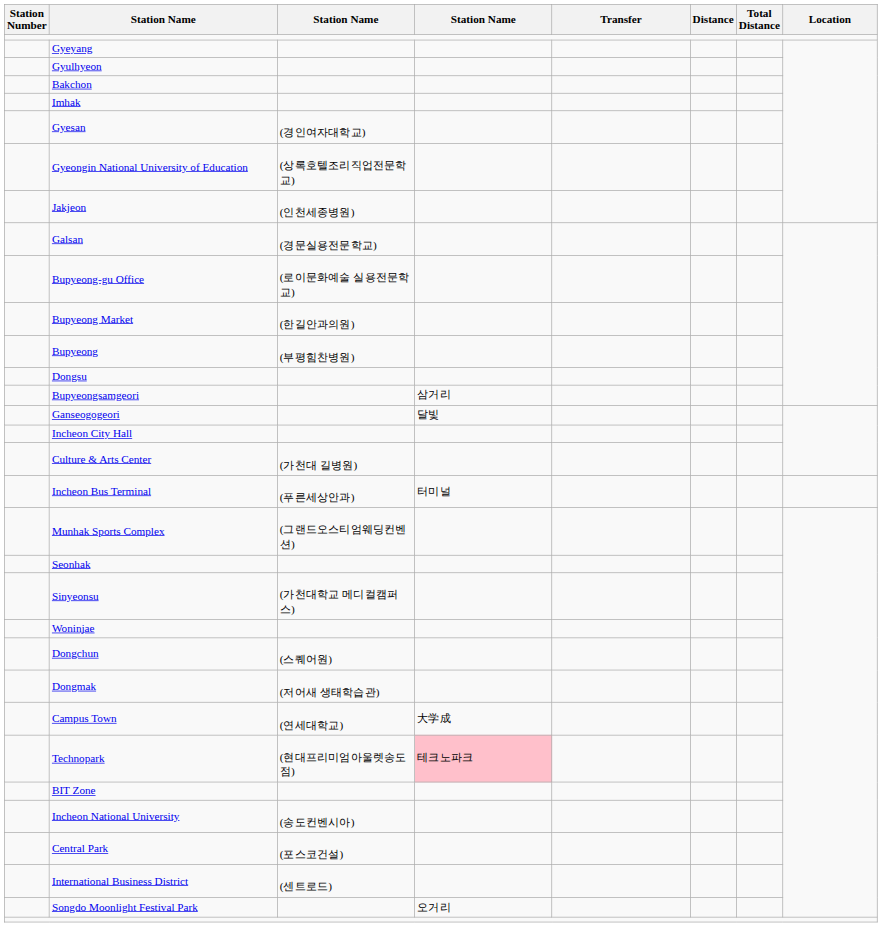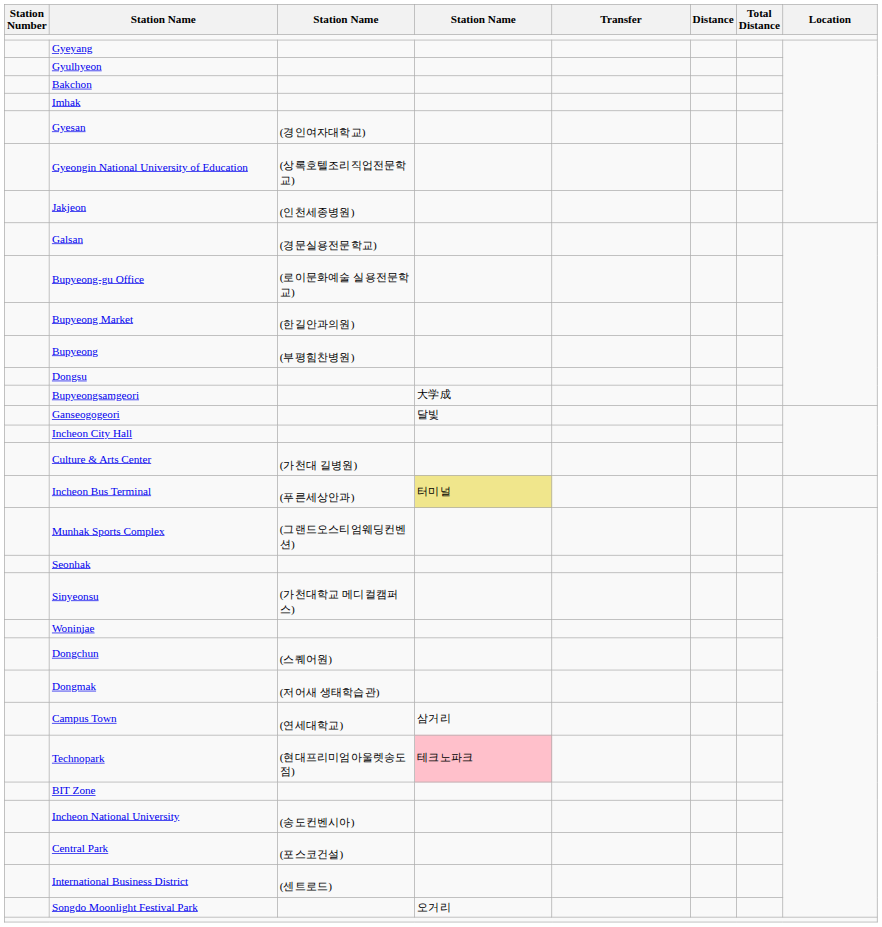 <table class="wikitable">
 <tr>
 <th>Station<br>Number</th>
 <th style="width:250pt;">Station Name<br></th>
 <th style="width:150pt;">Station Name<br></th>
 <th style="width:150pt;">Station Name<br></th>
 <th style="width:150pt;">Transfer</th>
 <th>Distance<br></th>
 <th>Total<br>Distance</th>
 <th>Location</th>
 </tr>
 <tr style="background:#">
 <td colspan="10"></td>
 </tr>
 <tr>
 <td></td>
 <td><a href='#'>Gyeyang</a></td>
 <td></td>
 <td></td>
 <td></td>
 <td></td>
 <td></td>
 <td rowspan="7" style="width:100pt;"></td>
 </tr>
 <tr>
 <td></td>
 <td><a href='#'>Gyulhyeon</a></td>
 <td></td>
 <td></td>
 <td></td>
 <td></td>
 <td></td>
 </tr>
 <tr>
 <td></td>
 <td><a href='#'>Bakchon</a></td>
 <td></td>
 <td></td>
 <td></td>
 <td></td>
 <td></td>
 </tr>
 <tr>
 <td></td>
 <td><a href='#'>Imhak</a></td>
 <td></td>
 <td></td>
 <td></td>
 <td></td>
 <td></td>
 </tr>
 <tr>
 <td></td>
 <td><a href='#'>Gyesan</a></td>
 <td><br>(경인여자대학교)</td>
 <td></td>
 <td></td>
 <td></td>
 <td></td>
 </tr>
 <tr>
 <td></td>
 <td><a href='#'>Gyeongin National University of Education</a></td>
 <td><br>(상록호텔조리직업전문학교)</td>
 <td></td>
 <td></td>
 <td></td>
 <td></td>
 </tr>
 <tr>
 <td></td>
 <td><a href='#'>Jakjeon</a></td>
 <td><br>(인천세종병원)</td>
 <td></td>
 <td></td>
 <td></td>
 <td></td>
 </tr>
 <tr>
 <td></td>
 <td><a href='#'>Galsan</a></td>
 <td><br>(경문실용전문학교)</td>
 <td></td>
 <td></td>
 <td></td>
 <td></td>
 <td rowspan="6"></td>
 </tr>
 <tr>
 <td></td>
 <td><a href='#'>Bupyeong-gu Office</a></td>
 <td><br>(로이문화예술 실용전문학교)</td>
 <td></td>
 <td></td>
 <td></td>
 <td></td>
 </tr>
 <tr>
 <td></td>
 <td><a href='#'>Bupyeong Market</a></td>
 <td><br>(한길안과의원)</td>
 <td></td>
 <td></td>
 <td></td>
 <td></td>
 </tr>
 <tr>
 <td></td>
 <td><a href='#'>Bupyeong</a></td>
 <td><br>(부평힘찬병원)</td>
 <td></td>
 <td></td>
 <td></td>
 <td></td>
 </tr>
 <tr>
 <td></td>
 <td><a href='#'>Dongsu</a></td>
 <td></td>
 <td></td>
 <td></td>
 <td></td>
 <td></td>
 </tr>
 <tr>
 <td></td>
 <td><a href='#'>Bupyeongsamgeori</a></td>
 <td></td>
-<td>삼거리</td>
+<td>大学成</td>
 <td></td>
 <td></td>
 <td></td>
 </tr>
 <tr>
 <td></td>
 <td><a href='#'>Ganseogogeori</a></td>
 <td></td>
 <td>달빛</td>
 <td></td>
 <td></td>
 <td></td>
 <td rowspan="3"></td>
 </tr>
 <tr>
 <td></td>
 <td><a href='#'>Incheon City Hall</a></td>
 <td></td>
 <td></td>
 <td></td>
 <td></td>
 <td></td>
 </tr>
 <tr>
 <td></td>
 <td><a href='#'>Culture & Arts Center</a></td>
 <td><br>(가천대 길병원)</td>
 <td></td>
 <td></td>
 <td></td>
 <td></td>
 </tr>
 <tr>
 <td></td>
 <td><a href='#'>Incheon Bus Terminal</a></td>
 <td><br>(푸른세상안과)</td>
-<td>터미널</td>
+<td style="background: khaki;">터미널</td>
 <td></td>
 <td></td>
 <td></td>
 <td></td>
 </tr>
 <tr>
 <td></td>
 <td><a href='#'>Munhak Sports Complex</a></td>
 <td><br>(그랜드오스티엄웨딩컨벤션)</td>
 <td></td>
 <td></td>
 <td></td>
 <td></td>
 <td rowspan="13"></td>
 </tr>
 <tr>
 <td></td>
 <td><a href='#'>Seonhak</a></td>
 <td></td>
 <td></td>
 <td></td>
 <td></td>
 <td></td>
 </tr>
 <tr>
 <td></td>
 <td><a href='#'>Sinyeonsu</a></td>
 <td><br>(가천대학교 메디컬캠퍼스)</td>
 <td></td>
 <td></td>
 <td></td>
 <td></td>
 </tr>
 <tr>
 <td></td>
 <td><a href='#'>Woninjae</a></td>
 <td></td>
 <td></td>
 <td></td>
 <td></td>
 <td></td>
 </tr>
 <tr>
 <td></td>
 <td><a href='#'>Dongchun</a></td>
 <td><br>(스퀘어원)</td>
 <td></td>
 <td></td>
 <td></td>
 <td></td>
 </tr>
 <tr>
 <td></td>
 <td><a href='#'>Dongmak</a></td>
 <td><br>(저어새 생태학습관)</td>
 <td></td>
 <td></td>
 <td></td>
 <td></td>
 </tr>
 <tr>
 <td></td>
 <td><a href='#'>Campus Town</a></td>
 <td><br>(연세대학교)</td>
-<td>大学成</td>
+<td>삼거리</td>
 <td></td>
 <td></td>
 <td></td>
 </tr>
 <tr>
 <td></td>
 <td><a href='#'>Technopark</a></td>
 <td><br>(현대프리미엄아울렛송도점)</td>
 <td style="background: pink;">테크노파크</td>
 <td></td>
 <td></td>
 <td></td>
 </tr>
 <tr>
 <td></td>
 <td><a href='#'>BIT Zone</a></td>
 <td></td>
 <td></td>
 <td></td>
 <td></td>
 <td></td>
 </tr>
 <tr>
 <td></td>
 <td><a href='#'>Incheon National University</a></td>
 <td><br>(송도컨벤시아)</td>
 <td></td>
 <td></td>
 <td></td>
 <td></td>
 </tr>
 <tr>
 <td></td>
 <td><a href='#'>Central Park</a></td>
 <td><br>(포스코건설)</td>
 <td></td>
 <td></td>
 <td></td>
 <td></td>
 </tr>
 <tr>
 <td></td>
 <td><a href='#'>International Business District</a></td>
 <td><br>(센트로드)</td>
 <td></td>
 <td></td>
 <td></td>
 <td></td>
 </tr>
 <tr>
 <td></td>
 <td><a href='#'>Songdo Moonlight Festival Park</a></td>
 <td></td>
 <td>오거리</td>
 <td></td>
 <td></td>
 <td></td>
 </tr>
 <tr style="background:#">
 <td colspan="10"></td>
 </tr>
 </table>
